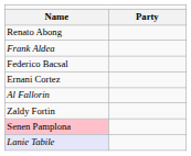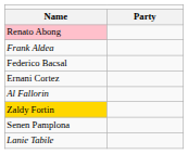 <table class=wikitable style="font-size:90%">
 <tr>
 <td colspan=4 bgcolor=></td>
 </tr>
 <tr>
 <th width=150px>Name</th>
 <th colspan=2 width=110px>Party</th>
 </tr>
 <tr>
-<td>Renato Abong</td>
+<td style="background: pink;">Renato Abong</td>
 <td></td>
 </tr>
 <tr>
 <td><em>Frank Aldea</em></td>
 <td></td>
 </tr>
 <tr>
 <td>Federico Bacsal</td>
 <td></td>
 </tr>
 <tr>
 <td>Ernani Cortez</td>
 <td></td>
 </tr>
 <tr>
 <td><em>Al Fallorin</em></td>
 <td></td>
 </tr>
 <tr>
-<td>Zaldy Fortin</td>
+<td style="background: gold;">Zaldy Fortin</td>
 <td></td>
 </tr>
 <tr>
-<td style="background: pink;">Senen Pamplona</td>
+<td>Senen Pamplona</td>
 <td></td>
 </tr>
 <tr>
-<td style="background: lavender;"><em>Lanie Tabile</em></td>
+<td><em>Lanie Tabile</em></td>
 <td></td>
 </tr>
 </table>
